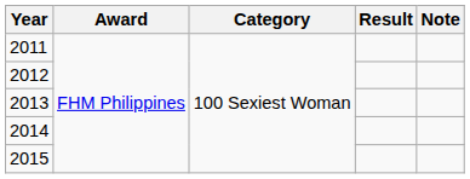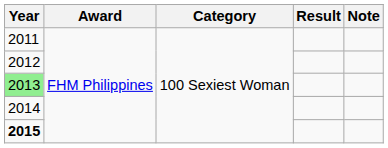 <table class="wikitable" style="font-size: 90%;">
 <tr>
 <th>Year</th>
 <th>Award</th>
 <th>Category</th>
 <th>Result</th>
 <th>Note</th>
 </tr>
 <tr>
 <td>2011</td>
 <td rowspan=5><a href='#'>FHM Philippines</a></td>
 <td rowspan=5>100 Sexiest Woman</td>
 <td></td>
 <td></td>
 </tr>
 <tr>
 <td>2012</td>
 <td></td>
 <td></td>
 </tr>
 <tr>
-<td>2013</td>
+<td style="background: lightgreen;">2013</td>
 <td></td>
 <td></td>
 </tr>
 <tr>
 <td>2014</td>
 <td></td>
 <td></td>
 </tr>
 <tr>
-<td>2015</td>
+<td><strong>2015</strong></td>
 <td></td>
 <td></td>
 </tr>
 </table>
